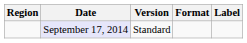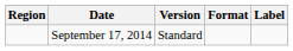 <table class="wikitable">
 <tr>
 <th>Region</th>
 <th>Date</th>
 <th>Version</th>
 <th>Format</th>
 <th>Label</th>
 </tr>
 <tr>
 <td></td>
-<td style="background: lavender;">September 17, 2014</td>
+<td>September 17, 2014</td>
 <td rowspan="2">Standard</td>
 <td></td>
 <td rowspan="2"></td>
 </tr>
 </table>
